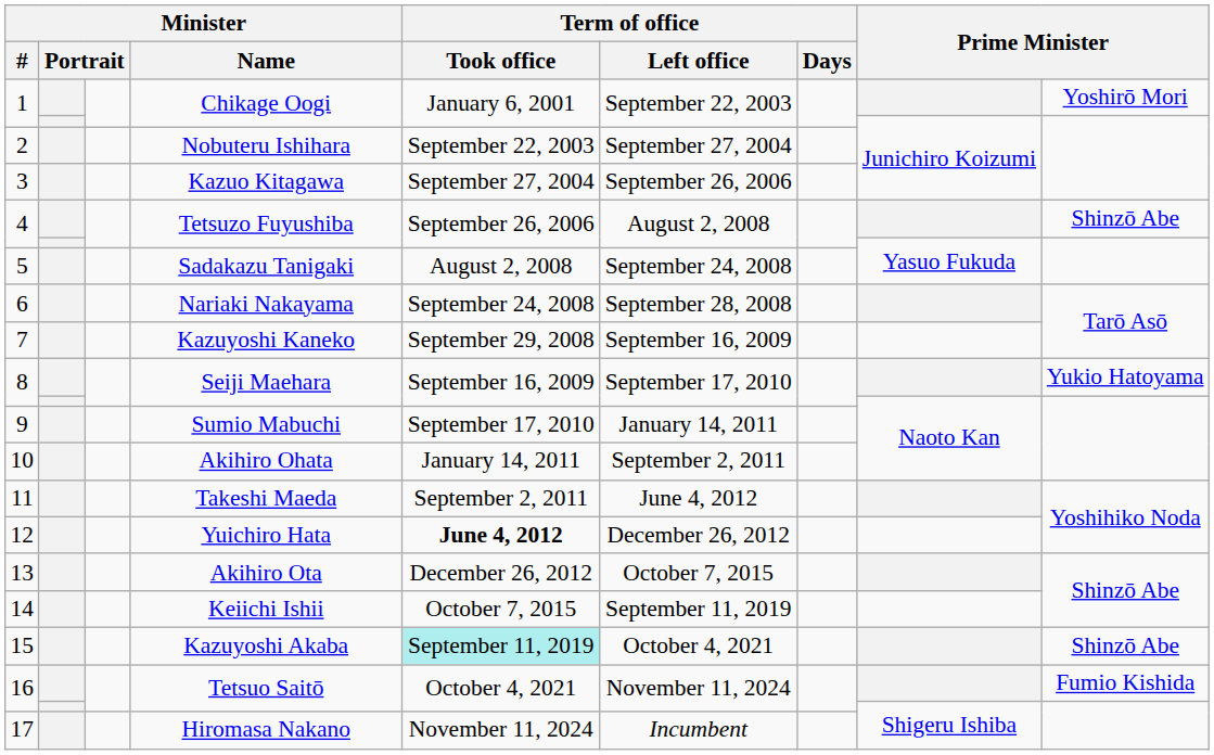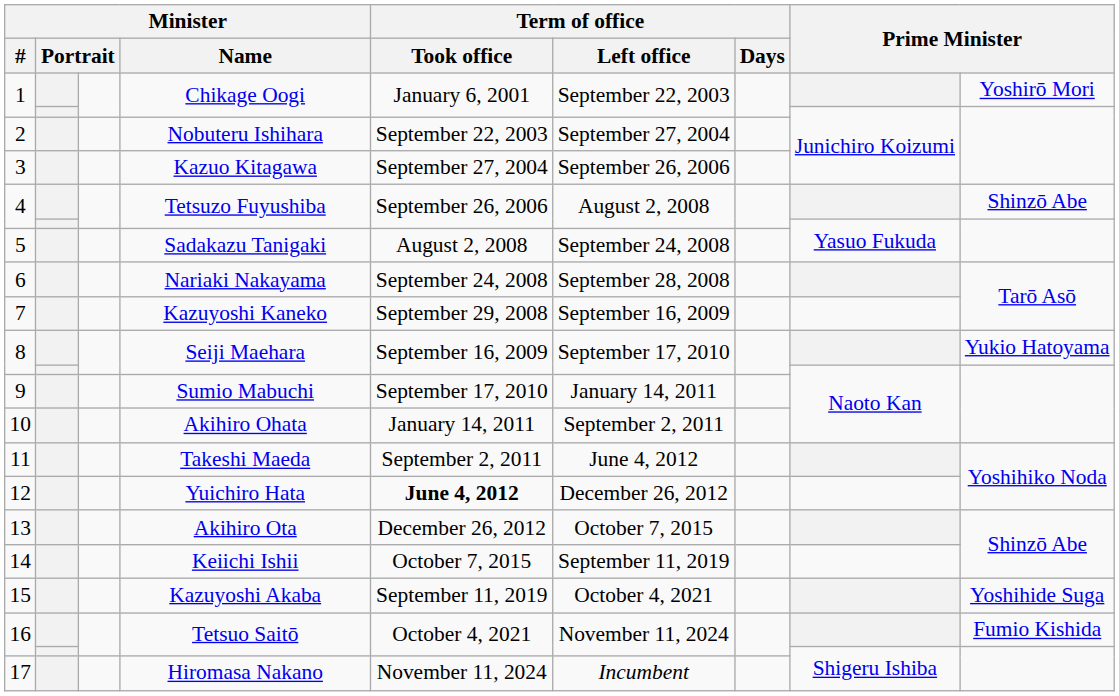 <table class="wikitable"  style="text-align:center">
 <tr>
 <th colspan=4>Minister</th>
 <th colspan=3>Term of office</th>
 <th style="width:180px;" rowspan=2 colspan=2>Prime Minister</th>
 </tr>
 <tr>
 <th>#</th>
 <th colspan=2>Portrait</th>
 <th style="width:180px;">Name</th>
 <th>Took office</th>
 <th>Left office</th>
 <th>Days</th>
 </tr>
 <tr>
 <td rowspan=2>1</td>
 <th style="background-color: "></th>
 <td rowspan=2></td>
 <td rowspan=2><a href='#'>Chikage Oogi</a></td>
 <td rowspan=2>January 6, 2001</td>
 <td rowspan=2>September 22, 2003</td>
 <td rowspan=2></td>
 <th style="background-color: "></th>
 <td><a href='#'>Yoshirō Mori</a></td>
 </tr>
 <tr>
 <th style="background-color: "></th>
 <td rowspan=3><a href='#'>Junichiro Koizumi</a></td>
 </tr>
 <tr>
 <td>2</td>
 <th style="background-color: "></th>
 <td></td>
 <td><a href='#'>Nobuteru Ishihara</a></td>
 <td>September 22, 2003</td>
 <td>September 27, 2004</td>
 <td></td>
 </tr>
 <tr>
 <td>3</td>
 <th style="background-color: "></th>
 <td></td>
 <td><a href='#'>Kazuo Kitagawa</a></td>
 <td>September 27, 2004</td>
 <td>September 26, 2006</td>
 <td></td>
 </tr>
 <tr>
 <td rowspan=2>4</td>
 <th style="background-color: "></th>
 <td rowspan=2></td>
 <td rowspan=2><a href='#'>Tetsuzo Fuyushiba</a></td>
 <td rowspan=2>September 26, 2006</td>
 <td rowspan=2>August 2, 2008</td>
 <td rowspan=2></td>
 <th style="background-color: "></th>
 <td><a href='#'>Shinzō Abe</a></td>
 </tr>
 <tr>
 <th style="background-color: "></th>
 <td rowspan=2><a href='#'>Yasuo Fukuda</a></td>
 </tr>
 <tr>
 <td>5</td>
 <th style="background-color: "></th>
 <td></td>
 <td><a href='#'>Sadakazu Tanigaki</a></td>
 <td>August 2, 2008</td>
 <td>September 24, 2008</td>
 <td></td>
 </tr>
 <tr>
 <td>6</td>
 <th style="background-color: "></th>
 <td></td>
 <td><a href='#'>Nariaki Nakayama</a></td>
 <td>September 24, 2008</td>
 <td>September 28, 2008</td>
 <td></td>
 <th style="background-color: "></th>
 <td rowspan=2><a href='#'>Tarō Asō</a></td>
 </tr>
 <tr>
 <td>7</td>
 <th style="background-color: "></th>
 <td></td>
 <td><a href='#'>Kazuyoshi Kaneko</a></td>
 <td>September 29, 2008</td>
 <td>September 16, 2009</td>
 <td></td>
 </tr>
 <tr>
 <td rowspan=2>8</td>
 <th style="background-color: "></th>
 <td rowspan=2></td>
 <td rowspan=2><a href='#'>Seiji Maehara</a></td>
 <td rowspan=2>September 16, 2009</td>
 <td rowspan=2>September 17, 2010</td>
 <td rowspan=2></td>
 <th style="background-color: "></th>
 <td><a href='#'>Yukio Hatoyama</a></td>
 </tr>
 <tr>
 <th style="background-color: "></th>
 <td rowspan=3><a href='#'>Naoto Kan</a></td>
 </tr>
 <tr>
 <td>9</td>
 <th style="background-color: "></th>
 <td></td>
 <td><a href='#'>Sumio Mabuchi</a></td>
 <td>September 17, 2010</td>
 <td>January 14, 2011</td>
 <td></td>
 </tr>
 <tr>
 <td>10</td>
 <th style="background-color: "></th>
 <td></td>
 <td><a href='#'>Akihiro Ohata</a></td>
 <td>January 14, 2011</td>
 <td>September 2, 2011</td>
 <td></td>
 </tr>
 <tr>
 <td>11</td>
 <th style="background-color: "></th>
 <td></td>
 <td><a href='#'>Takeshi Maeda</a></td>
 <td>September 2, 2011</td>
 <td>June 4, 2012</td>
 <td></td>
 <th style="background-color: "></th>
 <td rowspan=2><a href='#'>Yoshihiko Noda</a></td>
 </tr>
 <tr>
 <td>12</td>
 <th style="background-color: "></th>
 <td></td>
 <td><a href='#'>Yuichiro Hata</a></td>
 <td><strong>June 4, 2012</strong></td>
 <td>December 26, 2012</td>
 <td></td>
 </tr>
 <tr>
 <td>13</td>
 <th style="background-color: "></th>
 <td></td>
 <td><a href='#'>Akihiro Ota</a></td>
 <td>December 26, 2012</td>
 <td>October 7, 2015</td>
 <td></td>
 <th style="background-color: "></th>
 <td rowspan=2><a href='#'>Shinzō Abe</a></td>
 </tr>
 <tr>
 <td>14</td>
 <th style="background-color: "></th>
 <td></td>
 <td><a href='#'>Keiichi Ishii</a></td>
 <td>October 7, 2015</td>
 <td>September 11, 2019</td>
 <td></td>
 </tr>
 <tr>
 <td>15</td>
 <th style="background-color: "></th>
 <td></td>
 <td><a href='#'>Kazuyoshi Akaba</a></td>
-<td style="background: paleturquoise;">September 11, 2019</td>
+<td>September 11, 2019</td>
 <td>October 4, 2021</td>
 <td></td>
 <th style="background-color: "></th>
-<td><a href='#'>Shinzō Abe</a></td>
+<td><a href='#'>Yoshihide Suga</a></td>
 </tr>
 <tr>
 <td rowspan=2>16</td>
 <th style="background-color: "></th>
 <td rowspan=2></td>
 <td rowspan=2><a href='#'>Tetsuo Saitō</a></td>
 <td rowspan=2>October 4, 2021</td>
 <td rowspan=2>November 11, 2024</td>
 <td rowspan=2></td>
 <th style="background-color: "></th>
 <td><a href='#'>Fumio Kishida</a></td>
 </tr>
 <tr>
 <th style="background-color: "></th>
 <td rowspan=2><a href='#'>Shigeru Ishiba</a></td>
 </tr>
 <tr>
 <td>17</td>
 <th style="background-color: "></th>
 <td></td>
 <td><a href='#'>Hiromasa Nakano</a></td>
 <td>November 11, 2024</td>
 <td><em>Incumbent</em></td>
 <td></td>
 </tr>
 </table>
